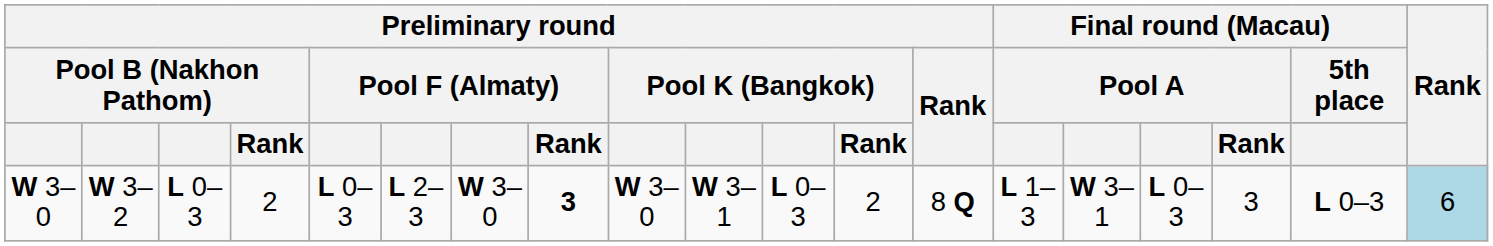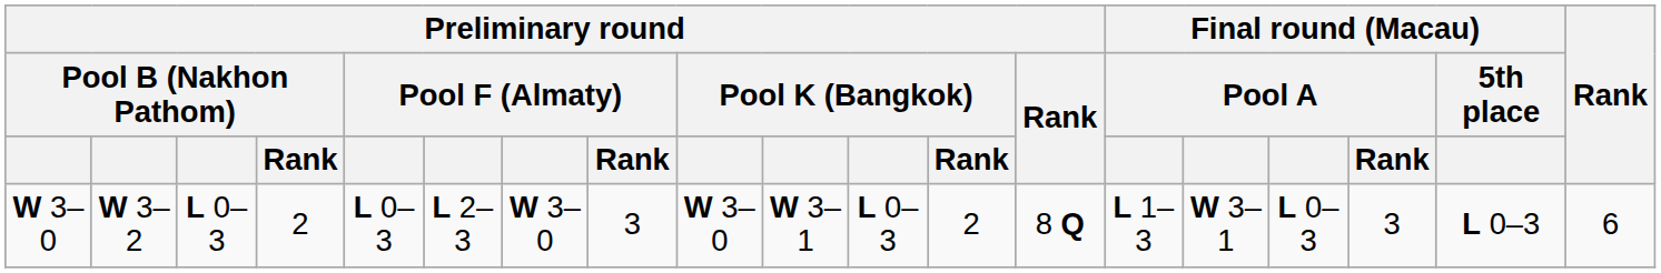 <table class="wikitable" style="font-size:100%;">
 <tr>
 <th colspan=13>Preliminary round</th>
 <th colspan=5>Final round (Macau)</th>
 <th rowspan=3>Rank</th>
 </tr>
 <tr>
 <th colspan=4>Pool B (Nakhon Pathom)</th>
 <th colspan=4>Pool F (Almaty)</th>
 <th colspan=4>Pool K (Bangkok)</th>
 <th rowspan=2>Rank</th>
 <th colspan=4>Pool A</th>
 <th>5th place</th>
 </tr>
 <tr>
 <th></th>
 <th></th>
 <th></th>
 <th>Rank</th>
 <th></th>
 <th></th>
 <th></th>
 <th>Rank</th>
 <th></th>
 <th></th>
 <th></th>
 <th>Rank</th>
 <th></th>
 <th></th>
 <th></th>
 <th>Rank</th>
 <th></th>
 </tr>
 <tr align=center>
 <td><strong>W</strong> 3–0</td>
 <td><strong>W</strong> 3–2</td>
 <td><strong>L</strong> 0–3</td>
 <td>2</td>
 <td><strong>L</strong> 0–3</td>
 <td><strong>L</strong> 2–3</td>
 <td><strong>W</strong> 3–0</td>
-<td><strong>3</strong></td>
+<td>3</td>
 <td><strong>W</strong> 3–0</td>
 <td><strong>W</strong> 3–1</td>
 <td><strong>L</strong> 0–3</td>
 <td>2</td>
 <td>8 <strong>Q</strong></td>
 <td><strong>L</strong> 1–3</td>
 <td><strong>W</strong> 3–1</td>
 <td><strong>L</strong> 0–3</td>
 <td>3</td>
 <td><strong>L</strong> 0–3</td>
-<td style="background: lightblue;">6</td>
+<td>6</td>
 </tr>
 </table>
